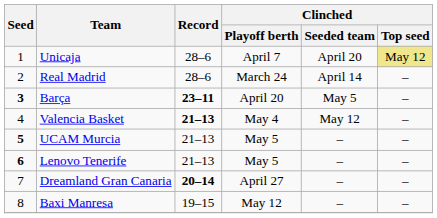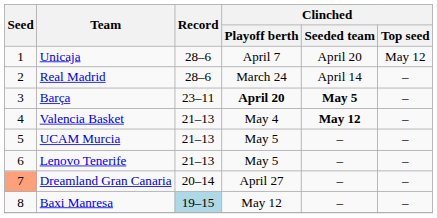 <table class="wikitable" style="text-align:center">
 <tr>
 <th rowspan="2">Seed</th>
 <th rowspan="2">Team</th>
 <th rowspan="2">Record</th>
 <th colspan="3">Clinched</th>
 </tr>
 <tr>
 <th>Playoff berth</th>
 <th>Seeded team</th>
 <th>Top seed</th>
 </tr>
 <tr>
 <td>1</td>
 <td style="text-align:left;"><a href='#'>Unicaja</a></td>
 <td>28–6</td>
 <td>April 7</td>
 <td>April 20</td>
-<td style="background: khaki;">May 12</td>
+<td>May 12</td>
 </tr>
 <tr>
 <td>2</td>
 <td style="text-align:left;"><a href='#'>Real Madrid</a></td>
 <td>28–6</td>
 <td>March 24</td>
 <td>April 14</td>
 <td>–</td>
 </tr>
 <tr>
-<td><strong>3</strong></td>
+<td>3</td>
 <td style="text-align:left;"><a href='#'>Barça</a></td>
-<td><strong>23–11</strong></td>
-<td>April 20</td>
-<td>May 5</td>
+<td>23–11</td>
+<td><strong>April 20</strong></td>
+<td><strong>May 5</strong></td>
 <td>–</td>
 </tr>
 <tr>
 <td>4</td>
 <td style="text-align:left;"><a href='#'>Valencia Basket</a></td>
-<td><strong>21–13</strong></td>
+<td>21–13</td>
 <td>May 4</td>
-<td>May 12</td>
+<td><strong>May 12</strong></td>
 <td>–</td>
 </tr>
 <tr>
-<td><strong>5</strong></td>
+<td>5</td>
 <td style="text-align:left;"><a href='#'>UCAM Murcia</a></td>
 <td>21–13</td>
 <td>May 5</td>
 <td>–</td>
 <td>–</td>
 </tr>
 <tr>
-<td><strong>6</strong></td>
+<td>6</td>
 <td style="text-align:left;"><a href='#'>Lenovo Tenerife</a></td>
 <td>21–13</td>
 <td>May 5</td>
 <td>–</td>
 <td>–</td>
 </tr>
 <tr>
-<td>7</td>
+<td style="background: lightsalmon;">7</td>
 <td style="text-align:left;"><a href='#'>Dreamland Gran Canaria</a></td>
-<td><strong>20–14</strong></td>
+<td>20–14</td>
 <td>April 27</td>
 <td>–</td>
 <td>–</td>
 </tr>
 <tr>
 <td>8</td>
 <td style="text-align:left;"><a href='#'>Baxi Manresa</a></td>
-<td>19–15</td>
+<td style="background: lightblue;">19–15</td>
 <td>May 12</td>
 <td>–</td>
 <td>–</td>
 </tr>
 <tr>
 </tr>
 </table>
